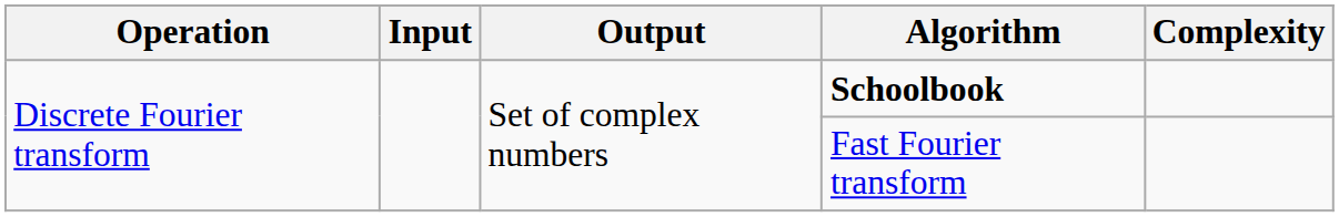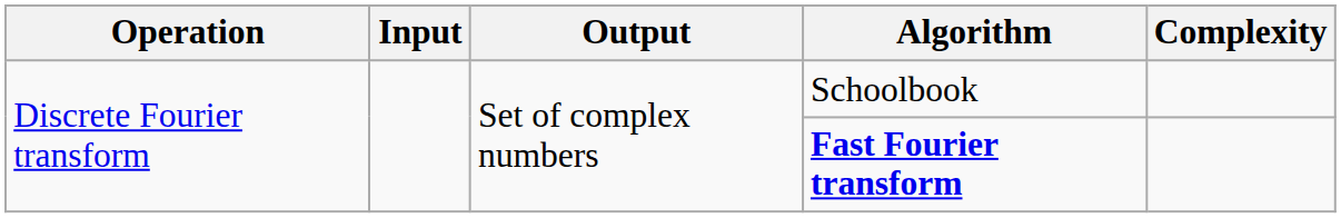 <table class="wikitable">
 <tr>
 <th>Operation</th>
 <th>Input</th>
 <th>Output</th>
 <th>Algorithm</th>
 <th>Complexity</th>
 </tr>
 <tr>
 <td rowspan=2><a href='#'>Discrete Fourier transform</a></td>
 <td rowspan=2></td>
 <td rowspan=2>Set of complex numbers</td>
-<td><strong>Schoolbook</strong></td>
+<td>Schoolbook</td>
 <td></td>
 </tr>
 <tr>
-<td><a href='#'>Fast Fourier transform</a></td>
+<td><strong><a href='#'>Fast Fourier transform</a></strong></td>
 <td></td>
 </tr>
 </table>
